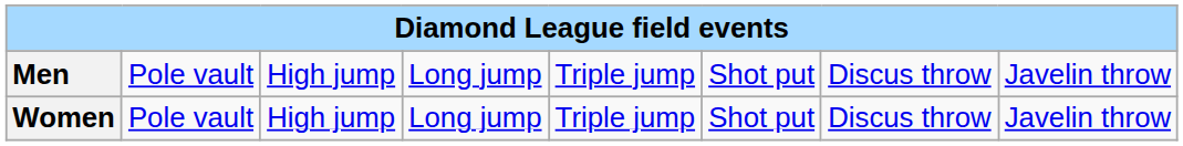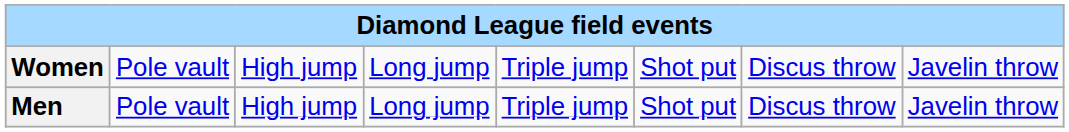 <table class=wikitable style="font-size:90%; margin: 1em auto 1em auto">
 <tr>
 <td align="center" bgcolor="#a5d9ff" colspan="8"><strong>Diamond League field events</strong></td>
+</tr>
+<tr>
+<td bgcolor="#f2f2f2"><strong>Women</strong></td>
+<td><a href='#'>Pole vault</a></td>
+<td><a href='#'>High jump</a></td>
+<td><a href='#'>Long jump</a></td>
+<td><a href='#'>Triple jump</a></td>
+<td><a href='#'>Shot put</a></td>
+<td><a href='#'>Discus throw</a></td>
+<td><a href='#'>Javelin throw</a></td>
 </tr>
 <tr>
 <td bgcolor="#f2f2f2"><strong>Men</strong></td>
 <td><a href='#'>Pole vault</a></td>
 <td><a href='#'>High jump</a></td>
 <td><a href='#'>Long jump</a></td>
 <td><a href='#'>Triple jump</a></td>
 <td><a href='#'>Shot put</a></td>
 <td><a href='#'>Discus throw</a></td>
 <td><a href='#'>Javelin throw</a></td>
 </tr>
-<tr>
-<td bgcolor="#f2f2f2"><strong>Women</strong></td>
-<td><a href='#'>Pole vault</a></td>
-<td><a href='#'>High jump</a></td>
-<td><a href='#'>Long jump</a></td>
-<td><a href='#'>Triple jump</a></td>
-<td><a href='#'>Shot put</a></td>
-<td><a href='#'>Discus throw</a></td>
-<td><a href='#'>Javelin throw</a></td>
-</tr>
 </table>
